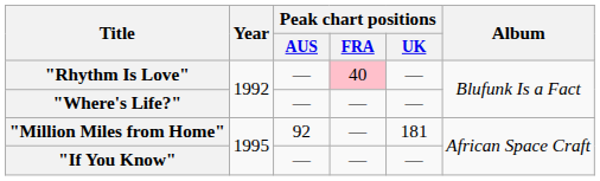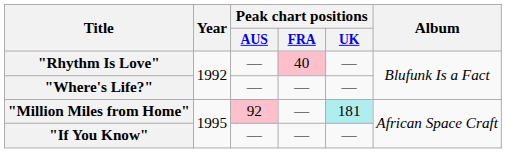 <table class="wikitable plainrowheaders" style="text-align:center;">
 <tr>
 <th scope="col" rowspan="2">Title</th>
 <th scope="col" rowspan="2">Year</th>
 <th scope="col" colspan="3">Peak chart positions</th>
 <th scope="col" rowspan="2">Album</th>
 </tr>
 <tr>
 <th scope="col" style="width:3em;font-size:90%;"><a href='#'>AUS</a><br></th>
 <th scope="col" style="width:3em;font-size:90%;"><a href='#'>FRA</a><br></th>
 <th scope="col" style="width:3em;font-size:90%;"><a href='#'>UK</a><br></th>
 </tr>
 <tr>
 <th scope="row">"Rhythm Is Love"</th>
 <td rowspan="2">1992</td>
 <td>—</td>
 <td style="background: pink;">40</td>
 <td>—</td>
 <td rowspan="2"><em>Blufunk Is a Fact</em></td>
 </tr>
 <tr>
 <th scope="row">"Where's Life?"</th>
 <td>—</td>
 <td>—</td>
 <td>—</td>
 </tr>
 <tr>
 <th scope="row">"Million Miles from Home"</th>
 <td rowspan="2">1995</td>
-<td>92</td>
+<td style="background: pink;">92</td>
 <td>—</td>
-<td>181</td>
+<td style="background: paleturquoise;">181</td>
 <td rowspan="2"><em>African Space Craft</em></td>
 </tr>
 <tr>
 <th scope="row">"If You Know"</th>
 <td>—</td>
 <td>—</td>
 <td>—</td>
 </tr>
 </table>
